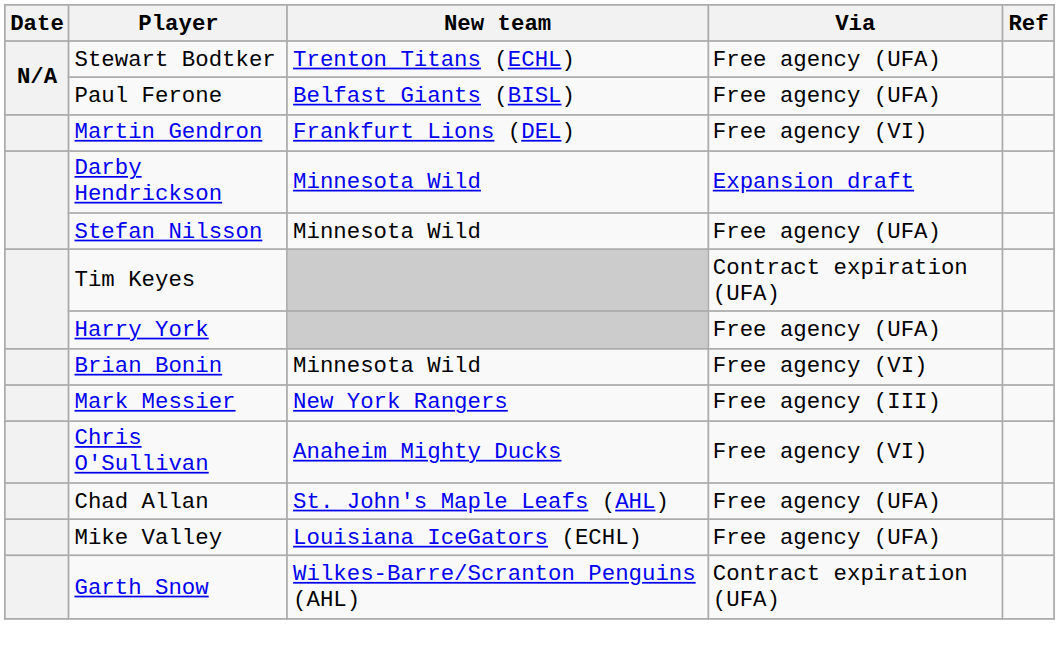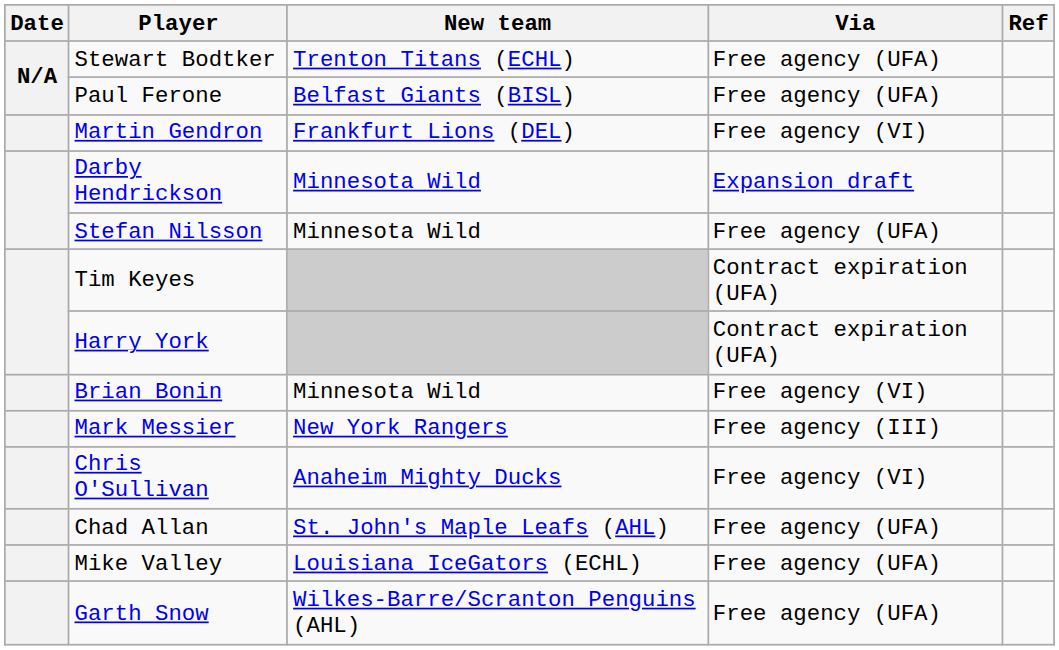 <table class="wikitable plainrowheaders">
 <tr style="background:#ddd; text-align:center;">
 <th>Date</th>
 <th>Player</th>
 <th>New team</th>
 <th>Via</th>
 <th>Ref</th>
 </tr>
 <tr>
 <th scope="row" rowspan=2>N/A</th>
 <td>Stewart Bodtker</td>
 <td><a href='#'>Trenton Titans</a> (<a href='#'>ECHL</a>)</td>
 <td>Free agency (UFA)</td>
 <td></td>
 </tr>
 <tr>
 <td>Paul Ferone</td>
 <td><a href='#'>Belfast Giants</a> (<a href='#'>BISL</a>)</td>
 <td>Free agency (UFA)</td>
 <td></td>
 </tr>
 <tr>
 <th scope="row"></th>
 <td><a href='#'>Martin Gendron</a></td>
 <td><a href='#'>Frankfurt Lions</a> (<a href='#'>DEL</a>)</td>
 <td>Free agency (VI)</td>
 <td></td>
 </tr>
 <tr>
 <th scope="row" rowspan=2></th>
 <td><a href='#'>Darby Hendrickson</a></td>
 <td><a href='#'>Minnesota Wild</a></td>
 <td><a href='#'>Expansion draft</a></td>
 <td></td>
 </tr>
 <tr>
 <td><a href='#'>Stefan Nilsson</a></td>
 <td>Minnesota Wild</td>
 <td>Free agency (UFA)</td>
 <td></td>
 </tr>
 <tr>
 <th scope="row" rowspan=2></th>
 <td>Tim Keyes</td>
 <td style="background:#ccc"></td>
 <td>Contract expiration (UFA)</td>
 <td></td>
 </tr>
 <tr>
 <td><a href='#'>Harry York</a></td>
 <td style="background:#ccc"></td>
-<td>Free agency (UFA)</td>
+<td>Contract expiration (UFA)</td>
 <td></td>
 </tr>
 <tr>
 <th scope="row"></th>
 <td><a href='#'>Brian Bonin</a></td>
 <td>Minnesota Wild</td>
 <td>Free agency (VI)</td>
 <td></td>
 </tr>
 <tr>
 <th scope="row"></th>
 <td><a href='#'>Mark Messier</a></td>
 <td><a href='#'>New York Rangers</a></td>
 <td>Free agency (III)</td>
 <td></td>
 </tr>
 <tr>
 <th scope="row"></th>
 <td><a href='#'>Chris O'Sullivan</a></td>
 <td><a href='#'>Anaheim Mighty Ducks</a></td>
 <td>Free agency (VI)</td>
 <td></td>
 </tr>
 <tr>
 <th scope="row"></th>
 <td>Chad Allan</td>
 <td><a href='#'>St. John's Maple Leafs</a> (<a href='#'>AHL</a>)</td>
 <td>Free agency (UFA)</td>
 <td></td>
 </tr>
 <tr>
 <th scope="row"></th>
 <td>Mike Valley</td>
 <td><a href='#'>Louisiana IceGators</a> (ECHL)</td>
 <td>Free agency (UFA)</td>
 <td></td>
 </tr>
 <tr>
 <th scope="row"></th>
 <td><a href='#'>Garth Snow</a></td>
 <td><a href='#'>Wilkes-Barre/Scranton Penguins</a> (AHL)</td>
-<td>Contract expiration (UFA)</td>
+<td>Free agency (UFA)</td>
 <td></td>
 </tr>
 </table>
